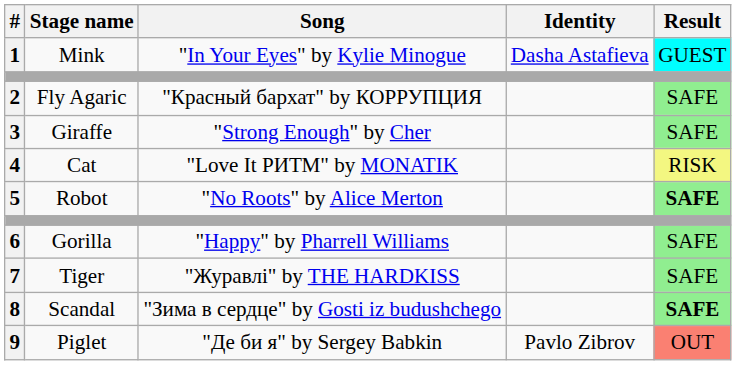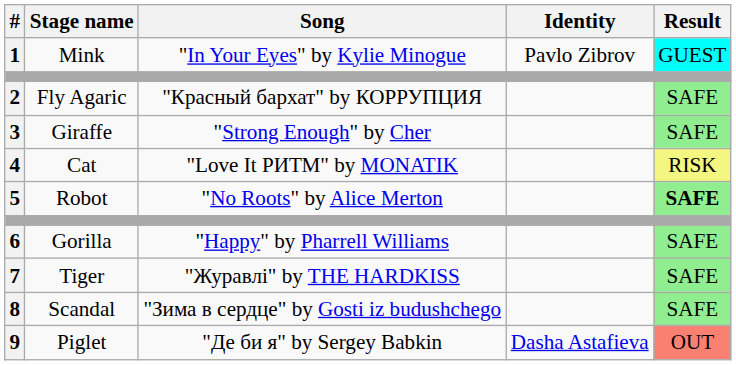 <table class="wikitable plainrowheaders" style="text-align: center">
 <tr>
 <th>#</th>
 <th>Stage name</th>
 <th>Song</th>
 <th>Identity</th>
 <th>Result</th>
 </tr>
 <tr>
 <th>1</th>
 <td>Mink</td>
 <td>"<a href='#'>In Your Eyes</a>" by <a href='#'>Kylie Minogue</a></td>
-<td><a href='#'>Dasha Astafieva</a></td>
+<td>Pavlo Zibrov</td>
 <td bgcolor=#00ffff>GUEST</td>
 </tr>
 <tr>
 <td colspan="5" style="background:darkgray"></td>
 </tr>
 <tr>
 <th>2</th>
 <td>Fly Agaric</td>
 <td>"Красный бархат" by КОРРУПЦИЯ</td>
 <td></td>
 <td bgcolor=lightgreen>SAFE</td>
 </tr>
 <tr>
 <th>3</th>
 <td>Giraffe</td>
 <td>"<a href='#'>Strong Enough</a>" by <a href='#'>Cher</a></td>
 <td></td>
 <td bgcolor=lightgreen>SAFE</td>
 </tr>
 <tr>
 <th>4</th>
 <td>Cat</td>
 <td>"Love It РИТМ" by <a href='#'>MONATIK</a></td>
 <td></td>
 <td bgcolor="#F3F781">RISK</td>
 </tr>
 <tr>
 <th>5</th>
 <td>Robot</td>
 <td>"<a href='#'>No Roots</a>" by <a href='#'>Alice Merton</a></td>
 <td></td>
 <td bgcolor=lightgreen><strong>SAFE</strong></td>
 </tr>
 <tr>
 <td colspan="5" style="background:darkgray"></td>
 </tr>
 <tr>
 <th>6</th>
 <td>Gorilla</td>
 <td>"<a href='#'>Happy</a>" by <a href='#'>Pharrell Williams</a></td>
 <td></td>
 <td bgcolor=lightgreen>SAFE</td>
 </tr>
 <tr>
 <th>7</th>
 <td>Tiger</td>
 <td>"Журавлі" by <a href='#'>THE HARDKISS</a></td>
 <td></td>
 <td bgcolor=lightgreen>SAFE</td>
 </tr>
 <tr>
 <th>8</th>
 <td>Scandal</td>
 <td>"Зима в сердце" by <a href='#'>Gosti iz budushchego</a></td>
 <td></td>
-<td bgcolor=lightgreen><strong>SAFE</strong></td>
+<td bgcolor=lightgreen>SAFE</td>
 </tr>
 <tr>
 <th>9</th>
 <td>Piglet</td>
 <td>"Де би я" by Sergey Babkin</td>
-<td>Pavlo Zibrov</td>
+<td><a href='#'>Dasha Astafieva</a></td>
 <td bgcolor=salmon>OUT</td>
 </tr>
 </table>
